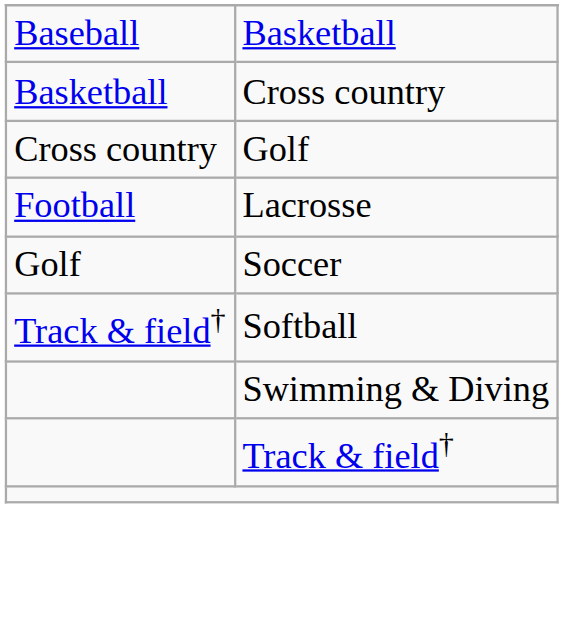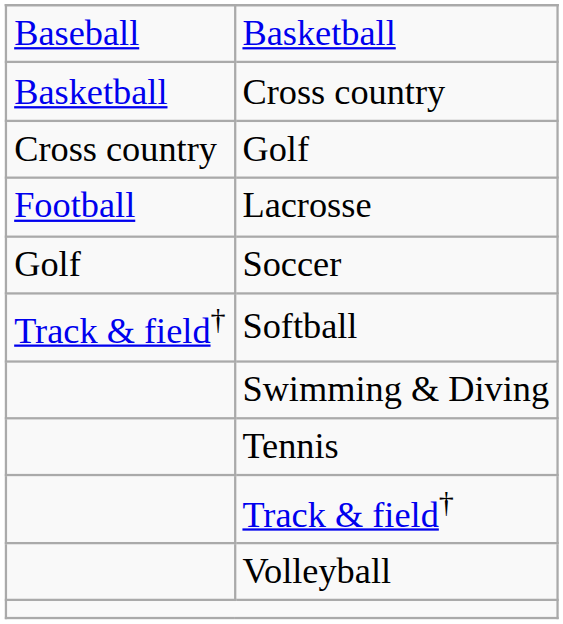 <table class="wikitable" style="float:right; clear:right; margin:0 0 1em 1em;">
 <tr>
 </tr>
 <tr>
 <td><a href='#'>Baseball</a></td>
 <td><a href='#'>Basketball</a></td>
 </tr>
 <tr>
 <td><a href='#'>Basketball</a></td>
 <td>Cross country</td>
 </tr>
 <tr>
 <td>Cross country</td>
 <td>Golf</td>
 </tr>
 <tr>
 <td><a href='#'>Football</a></td>
 <td>Lacrosse</td>
 </tr>
 <tr>
 <td>Golf</td>
 <td>Soccer</td>
 </tr>
 <tr>
 <td><a href='#'>Track & field</a><sup>†</sup></td>
 <td>Softball</td>
 </tr>
 <tr>
 <td></td>
 <td>Swimming & Diving</td>
 </tr>
 <tr>
 <td></td>
+<td>Tennis</td>
+</tr>
+<tr>
+<td></td>
 <td><a href='#'>Track & field</a><sup>†</sup></td>
+</tr>
+<tr>
+<td></td>
+<td>Volleyball</td>
 </tr>
 <tr>
 <td colspan="2"></td>
 </tr>
 </table>
